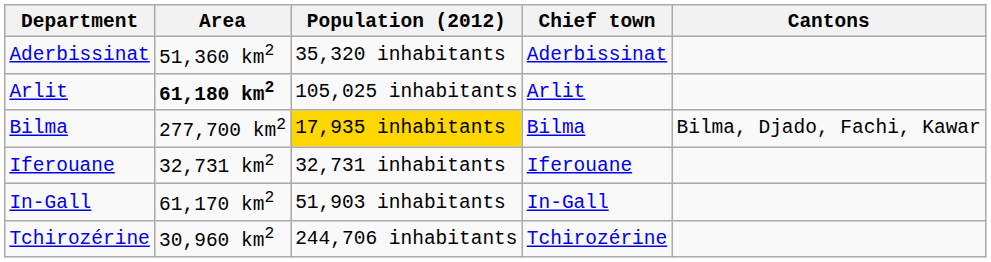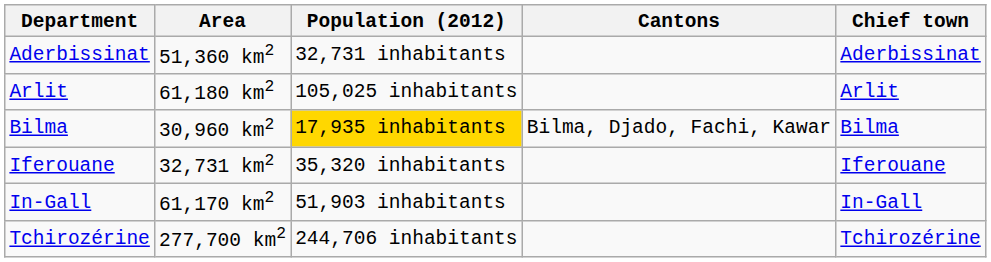 <table class=wikitable>
 <tr>
 <th>Department</th>
 <th>Area</th>
 <th>Population (2012)</th>
+<th>Cantons</th>
 <th>Chief town</th>
-<th>Cantons</th>
 </tr>
 <tr>
 <td><a href='#'>Aderbissinat</a></td>
 <td>51,360 km<sup>2</sup></td>
-<td>35,320 inhabitants</td>
+<td>32,731  inhabitants</td>
+<td></td>
 <td><a href='#'>Aderbissinat</a></td>
-<td></td>
 </tr>
 <tr>
 <td><a href='#'>Arlit</a></td>
-<td><strong>61,180 km<sup>2</sup></strong></td>
+<td>61,180 km<sup>2</sup></td>
 <td>105,025 inhabitants</td>
+<td></td>
 <td><a href='#'>Arlit</a></td>
-<td></td>
 </tr>
 <tr>
 <td><a href='#'>Bilma</a></td>
-<td>277,700 km<sup>2</sup></td>
+<td>30,960 km<sup>2</sup></td>
 <td style="background: gold;">17,935 inhabitants</td>
+<td>Bilma, Djado, Fachi, Kawar</td>
 <td><a href='#'>Bilma</a></td>
-<td>Bilma, Djado, Fachi, Kawar</td>
 </tr>
 <tr>
 <td><a href='#'>Iferouane</a></td>
 <td>32,731 km<sup>2</sup></td>
-<td>32,731  inhabitants</td>
+<td>35,320 inhabitants</td>
+<td></td>
 <td><a href='#'>Iferouane</a></td>
-<td></td>
 </tr>
 <tr>
 <td><a href='#'>In-Gall</a></td>
 <td>61,170 km<sup>2</sup></td>
 <td>51,903  inhabitants</td>
+<td></td>
 <td><a href='#'>In-Gall</a></td>
-<td></td>
 </tr>
 <tr>
 <td><a href='#'>Tchirozérine</a></td>
-<td>30,960 km<sup>2</sup></td>
+<td>277,700 km<sup>2</sup></td>
 <td>244,706 inhabitants</td>
+<td></td>
 <td><a href='#'>Tchirozérine</a></td>
-<td></td>
 </tr>
 </table>
